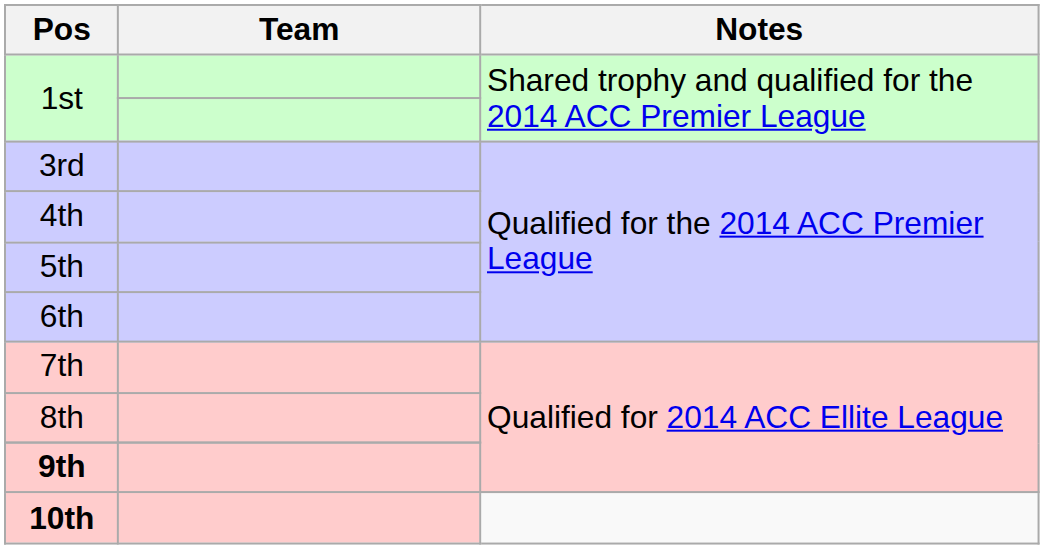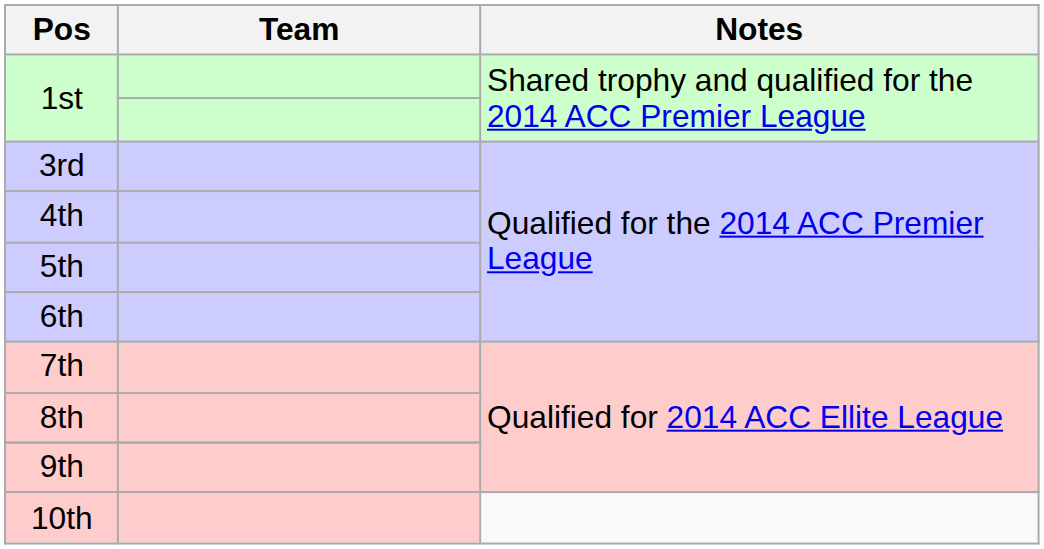 <table class="wikitable">
 <tr>
 <th width=50>Pos</th>
 <th width=175>Team</th>
 <th width=275>Notes</th>
 </tr>
 <tr bgcolor="#ccffcc">
 <td rowspan=2 align="center">1st</td>
 <td></td>
 <td rowspan=2>Shared trophy and qualified for the <a href='#'>2014 ACC Premier League</a></td>
 </tr>
 <tr bgcolor="#ccffcc">
 <td></td>
 </tr>
 <tr bgcolor="#ccccff">
 <td align="center">3rd</td>
 <td></td>
 <td rowspan=4>Qualified for the <a href='#'>2014 ACC Premier League</a></td>
 </tr>
 <tr bgcolor="#ccccff">
 <td align="center">4th</td>
 <td></td>
 </tr>
 <tr bgcolor="#ccccff">
 <td align="center">5th</td>
 <td></td>
 </tr>
 <tr bgcolor="#ccccff">
 <td align="center">6th</td>
 <td></td>
 </tr>
 <tr bgcolor="#ffcccc">
 <td align="center">7th</td>
 <td></td>
 <td rowspan=4>Qualified for <a href='#'>2014 ACC Ellite League</a></td>
 </tr>
 <tr bgcolor="#ffcccc">
 <td align="center">8th</td>
 <td></td>
 </tr>
 <tr>
 </tr>
 <tr style="background:#ffcccc">
-<td align="center"><strong>9th</strong></td>
+<td align="center">9th</td>
 <td></td>
 </tr>
 <tr style="background:#ffcccc">
-<td align="center"><strong>10th</strong></td>
+<td align="center">10th</td>
 <td></td>
 </tr>
 </table>
